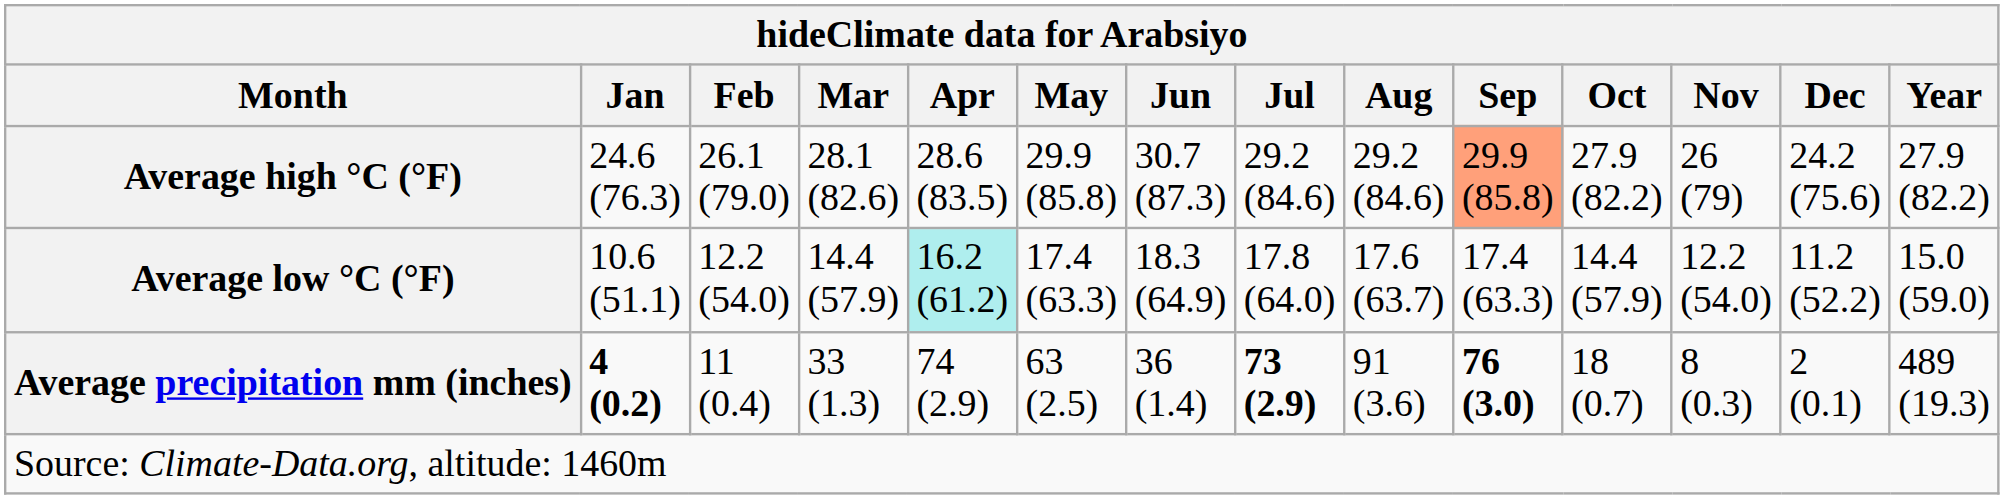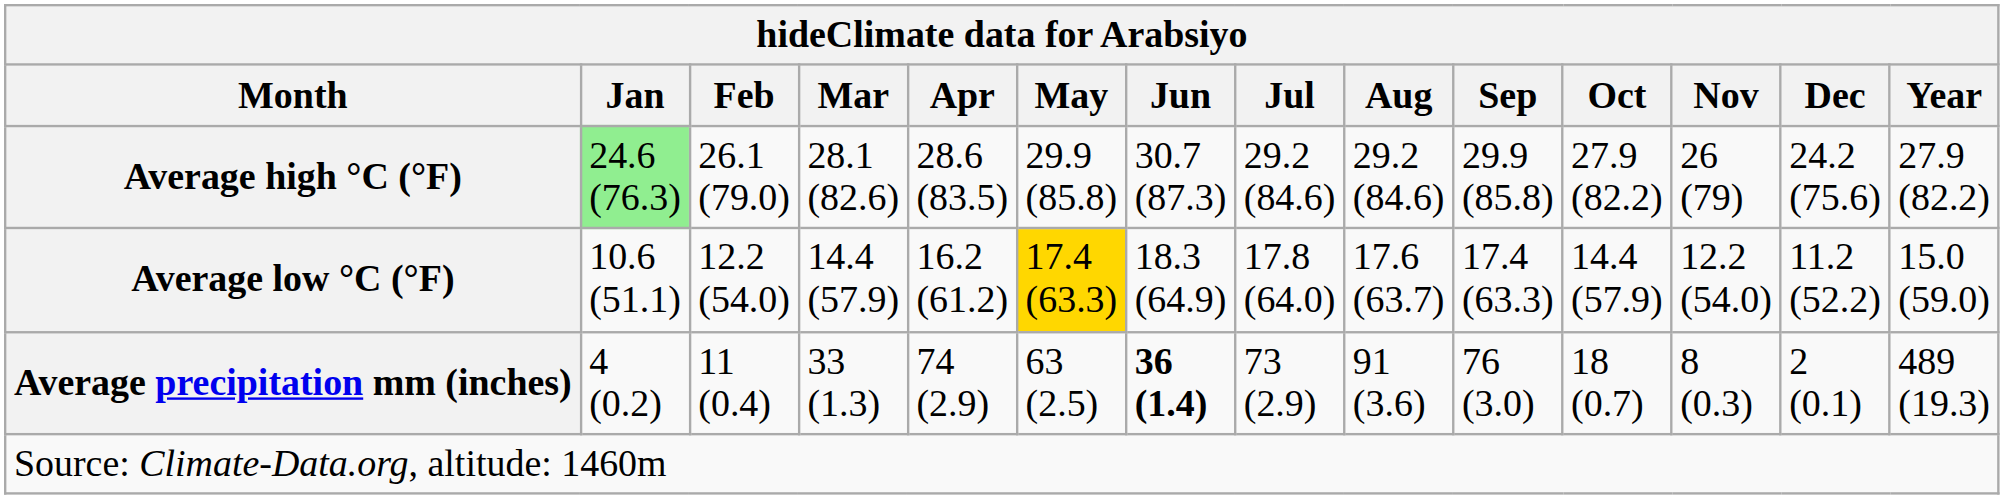 <table class="wikitable mw-collapsible">
 <tr>
 <th colspan="14">hideClimate data for Arabsiyo</th>
 </tr>
 <tr>
 <th>Month</th>
 <th>Jan</th>
 <th>Feb</th>
 <th>Mar</th>
 <th>Apr</th>
 <th>May</th>
 <th>Jun</th>
 <th>Jul</th>
 <th>Aug</th>
 <th>Sep</th>
 <th>Oct</th>
 <th>Nov</th>
 <th>Dec</th>
 <th>Year</th>
 </tr>
 <tr>
 <th>Average high °C (°F)</th>
-<td>24.6<br>(76.3)</td>
+<td style="background: lightgreen;">24.6<br>(76.3)</td>
 <td>26.1<br>(79.0)</td>
 <td>28.1<br>(82.6)</td>
 <td>28.6<br>(83.5)</td>
 <td>29.9<br>(85.8)</td>
 <td>30.7<br>(87.3)</td>
 <td>29.2<br>(84.6)</td>
 <td>29.2<br>(84.6)</td>
-<td style="background: lightsalmon;">29.9<br>(85.8)</td>
+<td>29.9<br>(85.8)</td>
 <td>27.9<br>(82.2)</td>
 <td>26<br>(79)</td>
 <td>24.2<br>(75.6)</td>
 <td>27.9<br>(82.2)</td>
 </tr>
 <tr>
 <th>Average low °C (°F)</th>
 <td>10.6<br>(51.1)</td>
 <td>12.2<br>(54.0)</td>
 <td>14.4<br>(57.9)</td>
-<td style="background: paleturquoise;">16.2<br>(61.2)</td>
-<td>17.4<br>(63.3)</td>
+<td>16.2<br>(61.2)</td>
+<td style="background: gold;">17.4<br>(63.3)</td>
 <td>18.3<br>(64.9)</td>
 <td>17.8<br>(64.0)</td>
 <td>17.6<br>(63.7)</td>
 <td>17.4<br>(63.3)</td>
 <td>14.4<br>(57.9)</td>
 <td>12.2<br>(54.0)</td>
 <td>11.2<br>(52.2)</td>
 <td>15.0<br>(59.0)</td>
 </tr>
 <tr>
 <th>Average <a href='#'>precipitation</a> mm (inches)</th>
-<td><strong>4<br>(0.2)</strong></td>
+<td>4<br>(0.2)</td>
 <td>11<br>(0.4)</td>
 <td>33<br>(1.3)</td>
 <td>74<br>(2.9)</td>
 <td>63<br>(2.5)</td>
-<td>36<br>(1.4)</td>
-<td><strong>73<br>(2.9)</strong></td>
+<td><strong>36<br>(1.4)</strong></td>
+<td>73<br>(2.9)</td>
 <td>91<br>(3.6)</td>
-<td><strong>76<br>(3.0)</strong></td>
+<td>76<br>(3.0)</td>
 <td>18<br>(0.7)</td>
 <td>8<br>(0.3)</td>
 <td>2<br>(0.1)</td>
 <td>489<br>(19.3)</td>
 </tr>
 <tr>
 <td colspan="14">Source: <em>Climate-Data.org</em>, altitude: 1460m</td>
 </tr>
 </table>
